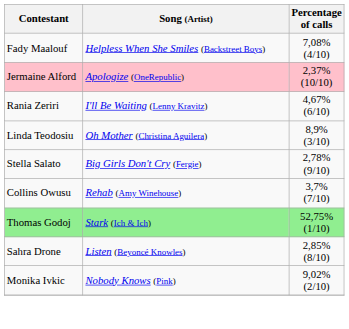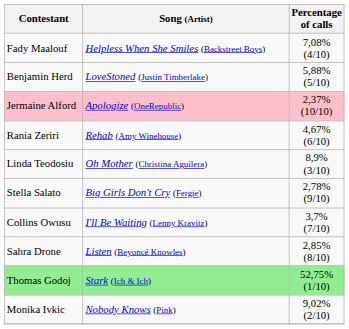 <table class="wikitable">
 <tr>
 <th width="110">Contestant</th>
 <th width="300">Song <small>(Artist)</small></th>
 <th width="28">Percentage of calls</th>
 </tr>
 <tr>
 <td align="left">Fady Maalouf</td>
 <td align="left"><em><a href='#'>Helpless When She Smiles</a></em> <small>(<a href='#'>Backstreet Boys</a>)</small></td>
 <td align="center">7,08% (4/10)</td>
 </tr>
+<tr>
+<td align="left">Benjamin Herd</td>
+<td align="left"><em><a href='#'>LoveStoned</a></em> <small>(<a href='#'>Justin Timberlake</a>)</small></td>
+<td align="center">5,88% (5/10)</td>
+</tr>
 <tr bgcolor="pink">
 <td align="left">Jermaine Alford</td>
 <td align="left"><em><a href='#'>Apologize</a></em> <small>(<a href='#'>OneRepublic</a>)</small></td>
 <td align="center">2,37% (10/10)</td>
 </tr>
 <tr>
 <td align="left">Rania Zeriri</td>
-<td align="left"><em><a href='#'>I'll Be Waiting</a></em> <small>(<a href='#'>Lenny Kravitz</a>)</small></td>
+<td align="left"><em><a href='#'>Rehab</a></em> <small>(<a href='#'>Amy Winehouse</a>)</small></td>
 <td align="center">4,67% (6/10)</td>
 </tr>
 <tr>
 <td align="left">Linda Teodosiu</td>
 <td align="left"><em><a href='#'>Oh Mother</a></em> <small>(<a href='#'>Christina Aguilera</a>)</small></td>
 <td align="center">8,9% (3/10)</td>
 </tr>
 <tr>
 <td align="left">Stella Salato</td>
 <td align="left"><em><a href='#'>Big Girls Don't Cry</a></em> <small>(<a href='#'>Fergie</a>)</small></td>
 <td align="center">2,78% (9/10)</td>
 </tr>
 <tr>
 <td align="left">Collins Owusu</td>
-<td align="left"><em><a href='#'>Rehab</a></em> <small>(<a href='#'>Amy Winehouse</a>)</small></td>
+<td align="left"><em><a href='#'>I'll Be Waiting</a></em> <small>(<a href='#'>Lenny Kravitz</a>)</small></td>
 <td align="center">3,7% (7/10)</td>
+</tr>
+<tr>
+<td align="left">Sahra Drone</td>
+<td align="left"><em><a href='#'>Listen</a></em> <small>(<a href='#'>Beyoncé Knowles</a>)</small></td>
+<td align="center">2,85% (8/10)</td>
 </tr>
 <tr style="background:lightgreen;">
 <td align="left">Thomas Godoj</td>
 <td align="left"><em><a href='#'>Stark</a></em> <small>(<a href='#'>Ich & Ich</a>)</small></td>
 <td align="center">52,75% (1/10)</td>
-</tr>
-<tr>
-<td align="left">Sahra Drone</td>
-<td align="left"><em><a href='#'>Listen</a></em> <small>(<a href='#'>Beyoncé Knowles</a>)</small></td>
-<td align="center">2,85% (8/10)</td>
 </tr>
 <tr>
 <td align="left">Monika Ivkic</td>
 <td align="left"><em><a href='#'>Nobody Knows</a></em> <small>(<a href='#'>Pink</a>)</small></td>
 <td align="center">9,02% (2/10)</td>
 </tr>
 <tr>
 </tr>
 </table>
